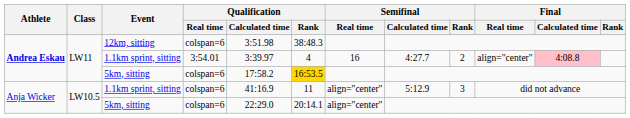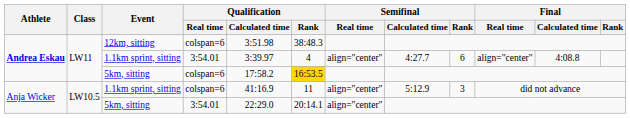 <table class=wikitable style="font-size:90%">
 <tr>
 <th rowspan=2>Athlete</th>
 <th rowspan=2>Class</th>
 <th rowspan=2>Event</th>
 <th colspan=3>Qualification</th>
 <th colspan=3>Semifinal</th>
 <th colspan=3>Final</th>
 </tr>
 <tr style="font-size:95%">
 <th>Real time</th>
 <th>Calculated time</th>
 <th>Rank</th>
 <th>Real time</th>
 <th>Calculated time</th>
 <th>Rank</th>
 <th>Real time</th>
 <th>Calculated time</th>
 <th>Rank</th>
 </tr>
 <tr>
 <td rowspan=3><strong><a href='#'>Andrea Eskau</a></strong></td>
 <td rowspan=3>LW11</td>
 <td><a href='#'>12km, sitting</a></td>
 <td>colspan=6 </td>
 <td align="center">3:51.98</td>
 <td align="center">38:48.3</td>
 <td align="center"></td>
 </tr>
 <tr>
 <td><a href='#'>1.1km sprint, sitting</a></td>
 <td align="center">3:54.01</td>
 <td align="center">3:39.97</td>
 <td align="center">4</td>
-<td align="center">16</td>
+<td>align="center" </td>
 <td align="center">4:27.7</td>
-<td align="center">2</td>
+<td align="center">6</td>
 <td>align="center" </td>
-<td align="center" style="background: pink;">4:08.8</td>
+<td align="center">4:08.8</td>
 <td align="center"></td>
 </tr>
 <tr>
 <td><a href='#'>5km, sitting</a></td>
 <td>colspan=6 </td>
 <td align="center">17:58.2</td>
 <td align="center" style="background: gold;">16:53.5</td>
 <td align="center"></td>
 </tr>
 <tr>
 <td rowspan=2><a href='#'>Anja Wicker</a></td>
 <td rowspan=2>LW10.5</td>
 <td><a href='#'>1.1km sprint, sitting</a></td>
 <td>colspan=6 </td>
 <td align="center">41:16.9</td>
 <td align="center">11</td>
 <td>align="center" </td>
 <td align="center">5:12.9</td>
 <td align="center">3</td>
 <td colspan=3 align="center">did not advance</td>
 </tr>
 <tr>
 <td><a href='#'>5km, sitting</a></td>
-<td>colspan=6 </td>
+<td align="center">3:54.01</td>
 <td align="center">22:29.0</td>
 <td align="center">20:14.1</td>
 <td>align="center" </td>
 </tr>
 </table>
